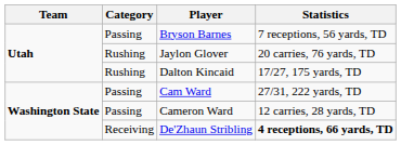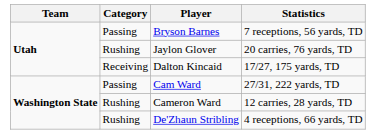 <table class="wikitable" style="float: right;">
 <tr>
 <th>Team</th>
 <th>Category</th>
 <th>Player</th>
 <th>Statistics</th>
 </tr>
 <tr>
 <td rowspan=3><strong>Utah</strong></td>
 <td>Passing</td>
 <td><a href='#'>Bryson Barnes</a></td>
 <td>7 receptions, 56 yards, TD</td>
 </tr>
 <tr>
 <td>Rushing</td>
 <td>Jaylon Glover</td>
 <td>20 carries, 76 yards, TD</td>
 </tr>
 <tr>
-<td>Rushing</td>
+<td>Receiving</td>
 <td>Dalton Kincaid</td>
 <td>17/27, 175 yards, TD</td>
 </tr>
 <tr>
 <td rowspan=3><strong>Washington State</strong></td>
 <td>Passing</td>
 <td><a href='#'>Cam Ward</a></td>
 <td>27/31, 222 yards, TD</td>
 </tr>
 <tr>
-<td>Passing</td>
+<td>Rushing</td>
 <td>Cameron Ward</td>
 <td>12 carries, 28 yards, TD</td>
 </tr>
 <tr>
-<td>Receiving</td>
+<td>Rushing</td>
 <td><a href='#'>De'Zhaun Stribling</a></td>
-<td><strong>4 receptions, 66 yards, TD</strong></td>
+<td>4 receptions, 66 yards, TD</td>
 </tr>
 </table>
